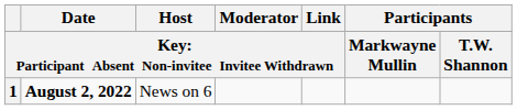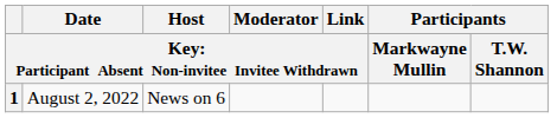 <table class="wikitable" style="text-align:center;">
 <tr>
 <th scope="col"></th>
 <th scope="col">Date</th>
 <th scope="col">Host</th>
 <th scope="col">Moderator</th>
 <th scope="col">Link</th>
 <th colspan="5" scope="col">Participants</th>
 </tr>
 <tr>
 <th colspan="5" rowspan="2">Key:<br> <small>Participant </small>  <small>Absent </small>  <small>Non-invitee </small>  <small>Invitee  Withdrawn</small></th>
 </tr>
 <tr>
 <th scope="col">Markwayne<br>Mullin</th>
 <th scope="col">T.W.<br> Shannon</th>
 </tr>
 <tr>
 <th scope="row">1</th>
-<td style="white-space:nowrap;"><strong>August 2, 2022</strong></td>
+<td style="white-space:nowrap;">August 2, 2022</td>
 <td style="white-space:nowrap;">News on 6</td>
 <td style="white-space:nowrap;"></td>
 <td style="white-space:nowrap;"></td>
 <td></td>
 <td></td>
 </tr>
 </table>
